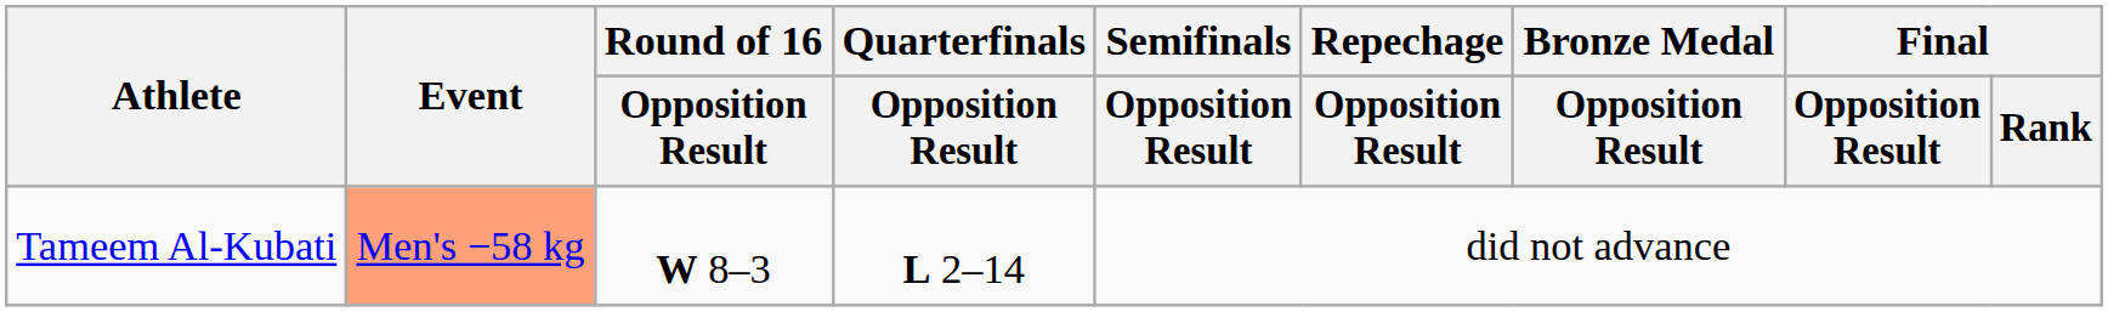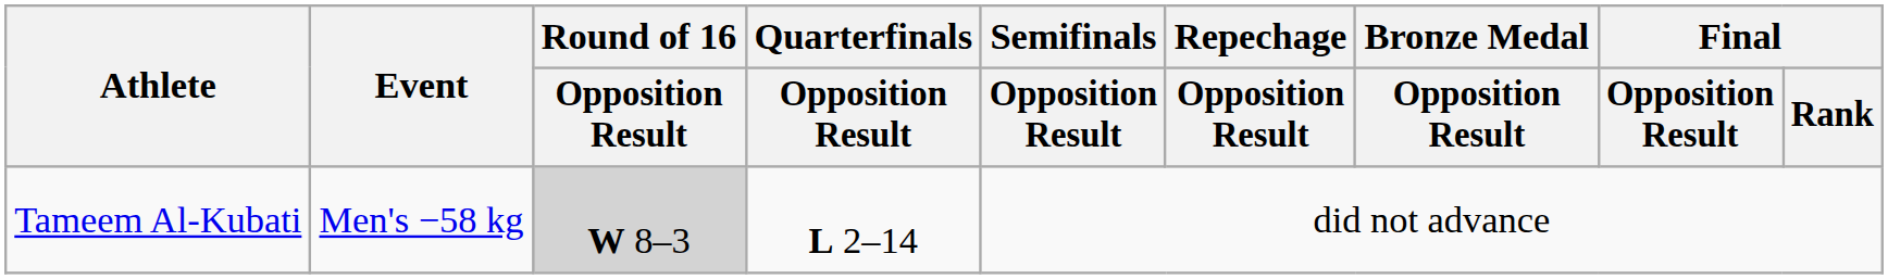 <table class="wikitable" style="font-size:90%">
 <tr>
 <th rowspan="2">Athlete</th>
 <th rowspan="2">Event</th>
 <th>Round of 16</th>
 <th>Quarterfinals</th>
 <th>Semifinals</th>
 <th>Repechage</th>
 <th>Bronze Medal</th>
 <th colspan=2>Final</th>
 </tr>
 <tr style="font-size:95%">
 <th>Opposition<br>Result</th>
 <th>Opposition<br>Result</th>
 <th>Opposition<br>Result</th>
 <th>Opposition<br>Result</th>
 <th>Opposition<br>Result</th>
 <th>Opposition<br>Result</th>
 <th>Rank</th>
 </tr>
 <tr align=center>
 <td align=left><a href='#'>Tameem Al-Kubati</a></td>
-<td align=left style="background: lightsalmon;"><a href='#'>Men's −58 kg</a></td>
-<td><br><strong>W</strong> 8–3</td>
+<td align=left><a href='#'>Men's −58 kg</a></td>
+<td style="background: lightgrey;"><br><strong>W</strong> 8–3</td>
 <td><br><strong>L</strong> 2–14 </td>
 <td colspan=5>did not advance</td>
 </tr>
 </table>
